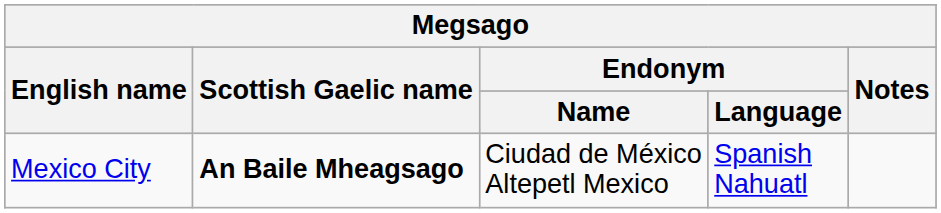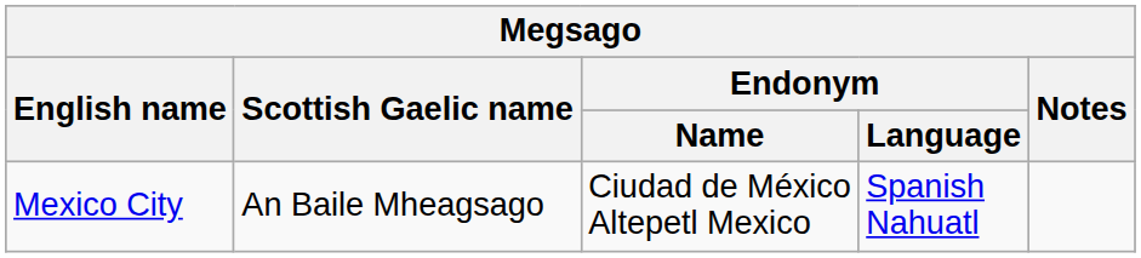 <table class="wikitable sortable">
 <tr>
 <th colspan="5"> Megsago</th>
 </tr>
 <tr>
 <th rowspan="2">English name</th>
 <th rowspan="2">Scottish Gaelic name</th>
 <th colspan="2">Endonym</th>
 <th rowspan="2">Notes</th>
 </tr>
 <tr>
 <th>Name</th>
 <th>Language</th>
 </tr>
 <tr>
 <td><a href='#'>Mexico City</a></td>
-<td><strong>An Baile Mheagsago</strong></td>
+<td>An Baile Mheagsago</td>
 <td>Ciudad de México<br>Altepetl Mexico</td>
 <td><a href='#'>Spanish</a><br><a href='#'>Nahuatl</a></td>
 <td></td>
 </tr>
 </table>
